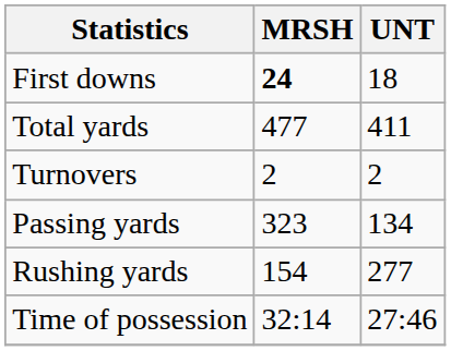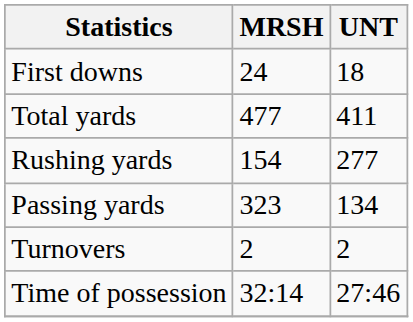 <table class="wikitable">
 <tr>
 <th>Statistics</th>
 <th>MRSH</th>
 <th>UNT</th>
 </tr>
 <tr>
 <td>First downs</td>
-<td><strong>24</strong></td>
+<td>24</td>
 <td>18</td>
 </tr>
 <tr>
 <td>Total yards</td>
 <td>477</td>
 <td>411</td>
 </tr>
 <tr>
-<td>Turnovers</td>
-<td>2</td>
-<td>2</td>
+<td>Rushing yards</td>
+<td>154</td>
+<td>277</td>
 </tr>
 <tr>
 <td>Passing yards</td>
 <td>323</td>
 <td>134</td>
 </tr>
 <tr>
-<td>Rushing yards</td>
-<td>154</td>
-<td>277</td>
+<td>Turnovers</td>
+<td>2</td>
+<td>2</td>
 </tr>
 <tr>
 <td>Time of possession</td>
 <td>32:14</td>
 <td>27:46</td>
 </tr>
 <tr>
 </tr>
 </table>
